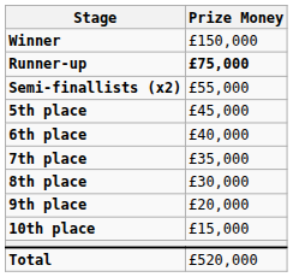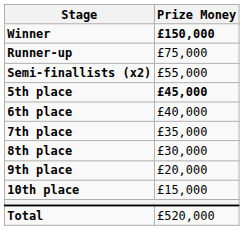 <table class="wikitable">
 <tr>
 <th>Stage</th>
 <th>Prize Money</th>
 </tr>
 <tr>
 <td><strong>Winner</strong></td>
-<td>£150,000</td>
+<td><strong>£150,000</strong></td>
 </tr>
 <tr>
 <td><strong>Runner-up</strong></td>
-<td><strong>£75,000</strong></td>
+<td>£75,000</td>
 </tr>
 <tr>
 <td><strong>Semi-finallists (x2)</strong></td>
 <td>£55,000</td>
 </tr>
 <tr>
 <td><strong>5th place</strong></td>
-<td>£45,000</td>
+<td><strong>£45,000</strong></td>
 </tr>
 <tr>
 <td><strong>6th place</strong></td>
 <td>£40,000</td>
 </tr>
 <tr>
 <td><strong>7th place</strong></td>
 <td>£35,000</td>
 </tr>
 <tr>
 <td><strong>8th place</strong></td>
 <td>£30,000</td>
 </tr>
 <tr>
 <td><strong>9th place</strong></td>
 <td>£20,000</td>
 </tr>
 <tr>
 <td><strong>10th place</strong></td>
 <td>£15,000</td>
 </tr>
 <tr>
 <th colspan=3></th>
 </tr>
 <tr style="border-top:2px solid black;">
 <td><strong>Total</strong></td>
 <td>£520,000</td>
 </tr>
 </table>
